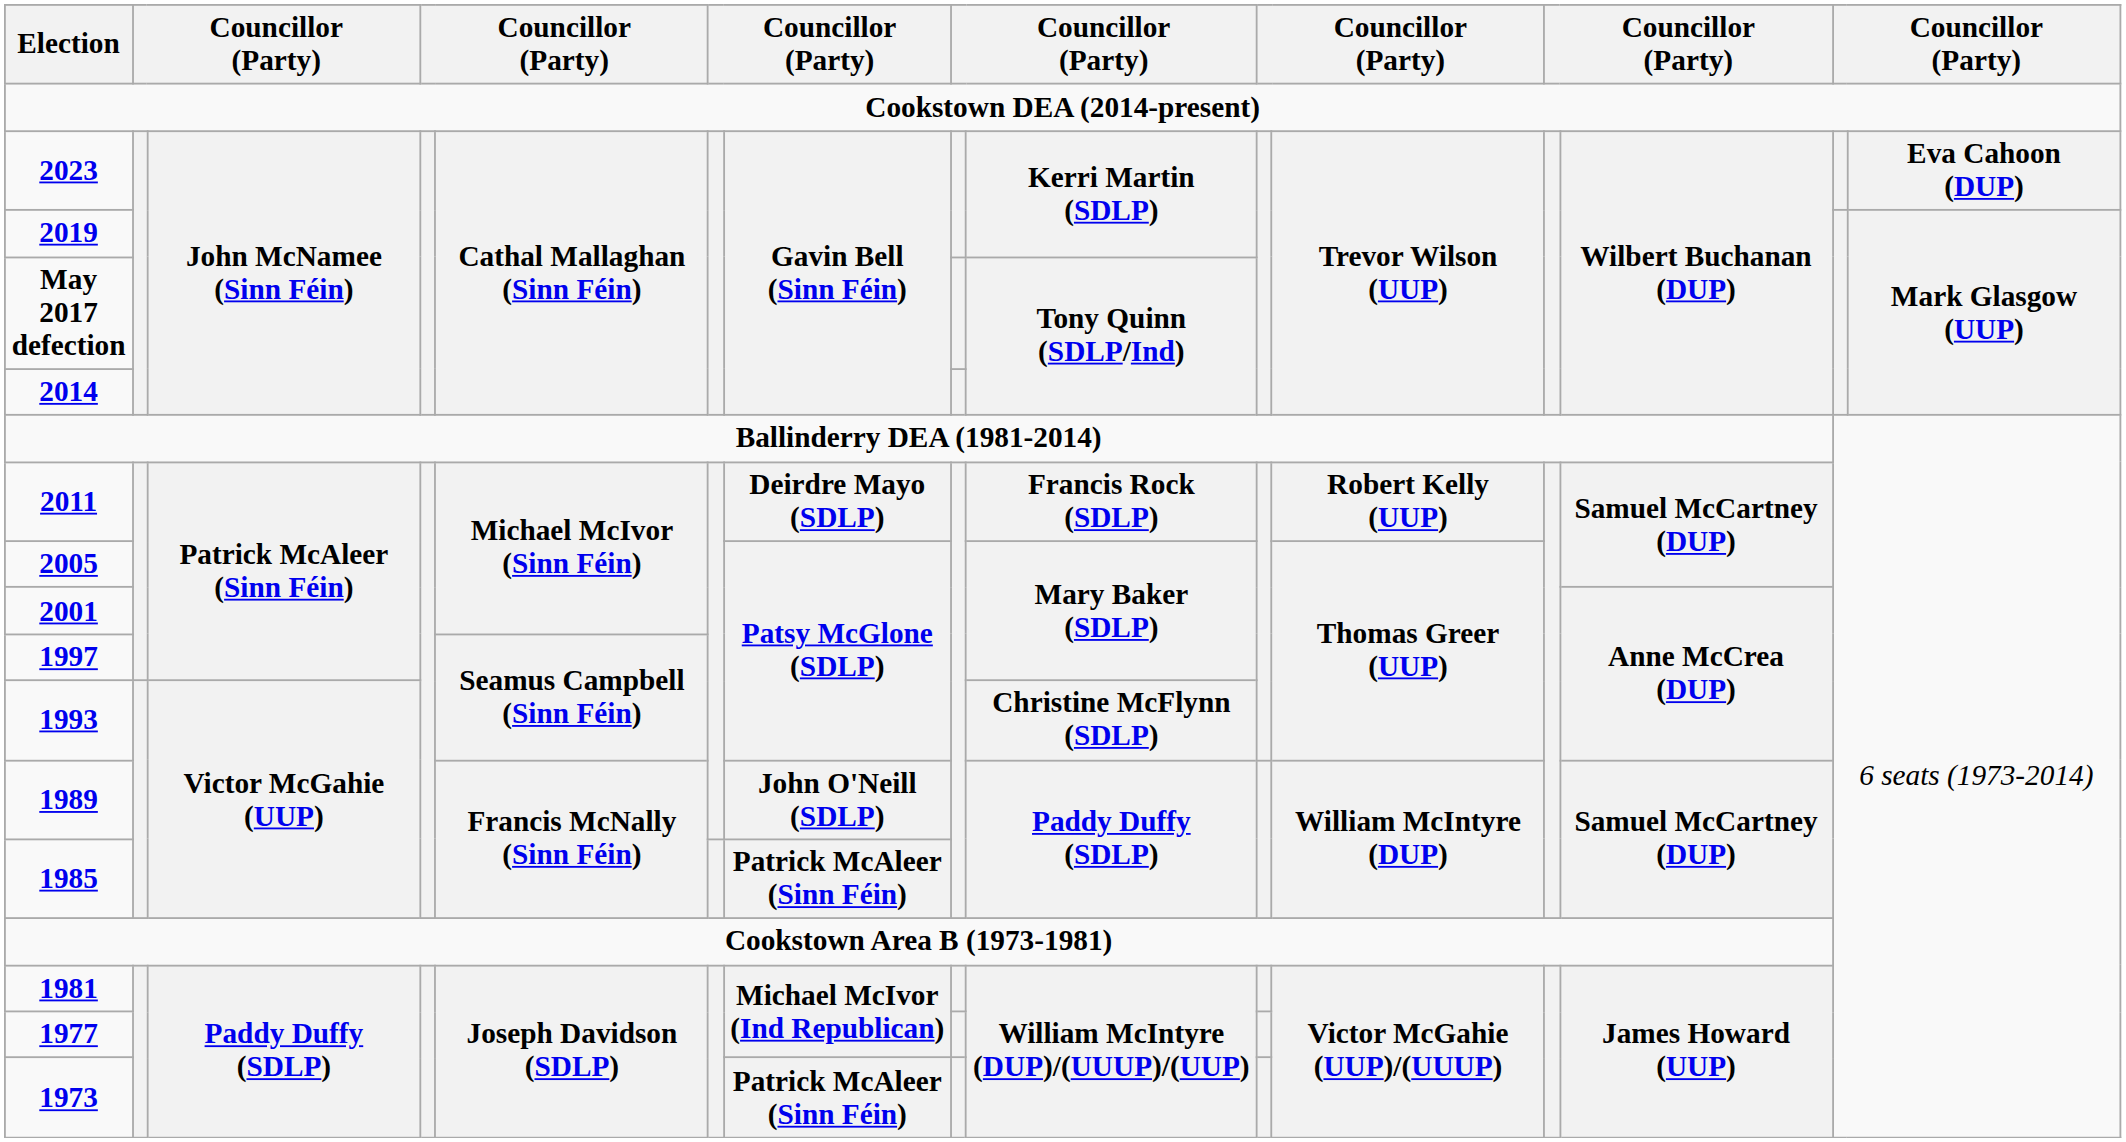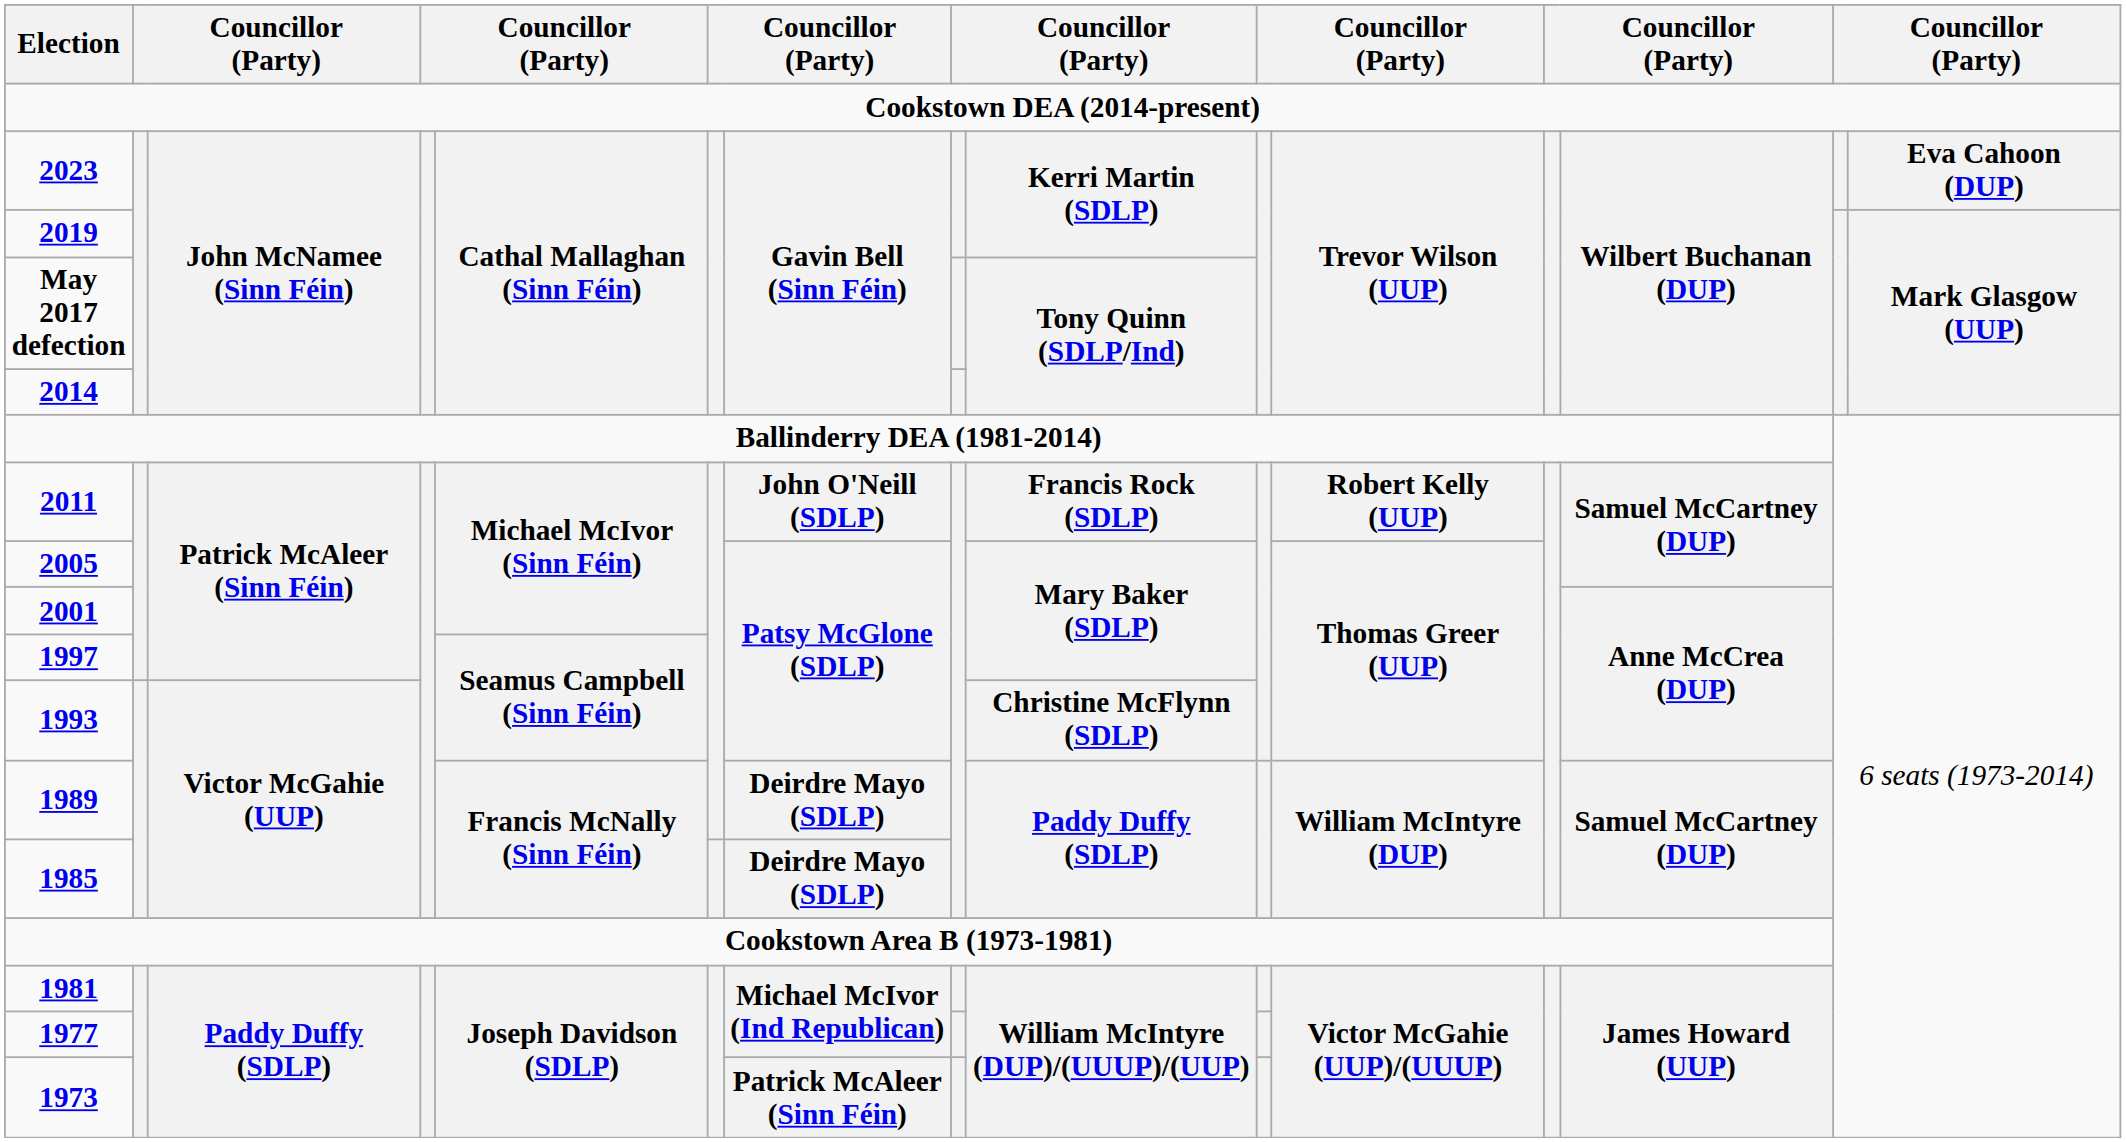 <table class="wikitable" style="text-align:center">
 <tr>
 <th width="50" scope="col">Election</th>
 <th colspan="2" width="150" scope="col">Councillor<br>(Party)</th>
 <th colspan="2" width="150" scope="col">Councillor<br>(Party)</th>
 <th colspan="2">Councillor<br>(Party)</th>
 <th colspan="2" width="150" scope="col">Councillor<br>(Party)</th>
 <th colspan="2" width="150" scope="col">Councillor<br>(Party)</th>
 <th colspan="2" width="150" scope="col">Councillor<br>(Party)</th>
 <th colspan="2" width="150" scope="col">Councillor<br>(Party)</th>
 </tr>
 <tr>
 <td colspan="15"><strong>Cookstown DEA (2014-present)</strong></td>
 </tr>
 <tr>
 <td><strong><a href='#'>2023</a></strong></td>
 <th width="1" rowspan="4" style="background-color: "></th>
 <th rowspan="4">John McNamee<br>(<a href='#'>Sinn Féin</a>)</th>
 <th width="1" rowspan="4" style="background-color: "></th>
 <th rowspan="4">Cathal Mallaghan<br>(<a href='#'>Sinn Féin</a>)</th>
 <th width="1" rowspan="4" style="background-color: "></th>
 <th rowspan="4">Gavin Bell<br>(<a href='#'>Sinn Féin</a>)</th>
 <th width="1" rowspan="2" style="background-color: "></th>
 <th rowspan="2">Kerri Martin<br>(<a href='#'>SDLP</a>)</th>
 <th width="1" rowspan="4" style="background-color: "></th>
 <th rowspan="4">Trevor Wilson<br>(<a href='#'>UUP</a>)</th>
 <th width="1" rowspan="4" style="background-color: "></th>
 <th rowspan="4">Wilbert Buchanan<br>(<a href='#'>DUP</a>)</th>
 <th width="1" rowspan="1" style="background-color: "></th>
 <th rowspan="1">Eva Cahoon<br>(<a href='#'>DUP</a>)</th>
 </tr>
 <tr>
 <td><strong><a href='#'>2019</a></strong></td>
 <th width="1" rowspan="3" style="background-color: "></th>
 <th rowspan="3">Mark Glasgow<br>(<a href='#'>UUP</a>)</th>
 </tr>
 <tr>
 <td><strong>May 2017 defection</strong></td>
 <th width="1" rowspan="1" style="background-color: "></th>
 <th rowspan="2">Tony Quinn<br>(<a href='#'>SDLP</a>/<a href='#'>Ind</a>)</th>
 </tr>
 <tr>
 <td><strong><a href='#'>2014</a></strong></td>
 <th width="1" rowspan="1" style="background-color: "></th>
 </tr>
 <tr>
 <td colspan="13"><strong>Ballinderry DEA (1981-2014)</strong></td>
 <td colspan="2" rowspan="12"><em>6 seats (1973-2014)</em></td>
 </tr>
 <tr>
 <td><strong><a href='#'>2011</a></strong></td>
 <th width="1" rowspan="4" style="background-color: "></th>
 <th rowspan="4">Patrick McAleer<br>(<a href='#'>Sinn Féin</a>)</th>
 <th width="1" rowspan="7" style="background-color: "></th>
 <th rowspan="3">Michael McIvor<br>(<a href='#'>Sinn Féin</a>)</th>
 <th width="1" rowspan="6" style="background-color: "></th>
-<th rowspan="1">Deirdre Mayo<br>(<a href='#'>SDLP</a>)</th>
+<th rowspan="1">John O'Neill<br>(<a href='#'>SDLP</a>)</th>
 <th width="1" rowspan="7" style="background-color: "></th>
 <th rowspan="1">Francis Rock<br>(<a href='#'>SDLP</a>)</th>
 <th width="1" rowspan="5" style="background-color: "></th>
 <th rowspan="1">Robert Kelly<br>(<a href='#'>UUP</a>)</th>
 <th width="1" rowspan="7" style="background-color: "></th>
 <th rowspan="2">Samuel McCartney<br>(<a href='#'>DUP</a>)</th>
 </tr>
 <tr>
 <td><strong><a href='#'>2005</a></strong></td>
 <th rowspan="4"><a href='#'>Patsy McGlone</a><br>(<a href='#'>SDLP</a>)</th>
 <th rowspan="3">Mary Baker<br>(<a href='#'>SDLP</a>)</th>
 <th rowspan="4">Thomas Greer<br>(<a href='#'>UUP</a>)</th>
 </tr>
 <tr>
 <td><strong><a href='#'>2001</a></strong></td>
 <th rowspan="3">Anne McCrea<br>(<a href='#'>DUP</a>)</th>
 </tr>
 <tr>
 <td><strong><a href='#'>1997</a></strong></td>
 <th rowspan="2">Seamus Campbell<br>(<a href='#'>Sinn Féin</a>)</th>
 </tr>
 <tr>
 <td><strong><a href='#'>1993</a></strong></td>
 <th width="1" rowspan="3" style="background-color: "></th>
 <th rowspan="3">Victor McGahie<br>(<a href='#'>UUP</a>)</th>
 <th rowspan="1">Christine McFlynn<br>(<a href='#'>SDLP</a>)</th>
 </tr>
 <tr>
 <td><strong><a href='#'>1989</a></strong></td>
 <th rowspan="2">Francis McNally<br>(<a href='#'>Sinn Féin</a>)</th>
-<th rowspan="1">John O'Neill<br>(<a href='#'>SDLP</a>)</th>
+<th rowspan="1">Deirdre Mayo<br>(<a href='#'>SDLP</a>)</th>
 <th rowspan="2"><a href='#'>Paddy Duffy</a><br>(<a href='#'>SDLP</a>)</th>
 <th width="1" rowspan="2" style="background-color: "></th>
 <th rowspan="2">William McIntyre<br>(<a href='#'>DUP</a>)</th>
 <th rowspan="2">Samuel McCartney<br>(<a href='#'>DUP</a>)</th>
 </tr>
 <tr>
 <td><strong><a href='#'>1985</a></strong></td>
 <th width="1" rowspan="1" style="background-color: "></th>
-<th rowspan="1">Patrick McAleer<br>(<a href='#'>Sinn Féin</a>)</th>
+<th rowspan="1">Deirdre Mayo<br>(<a href='#'>SDLP</a>)</th>
 </tr>
 <tr>
 <td colspan="13"><strong>Cookstown Area B (1973-1981)</strong></td>
 </tr>
 <tr>
 <td><strong><a href='#'>1981</a></strong></td>
 <th width="1" rowspan="3" style="background-color: "></th>
 <th rowspan="3"><a href='#'>Paddy Duffy</a><br>(<a href='#'>SDLP</a>)</th>
 <th width="1" rowspan="3" style="background-color: "></th>
 <th rowspan="3">Joseph Davidson<br>(<a href='#'>SDLP</a>)</th>
 <th width="1" rowspan="3" style="background-color: "></th>
 <th rowspan="2">Michael McIvor<br>(<a href='#'>Ind Republican</a>)</th>
 <th width="1" rowspan="1" style="background-color: "></th>
 <th rowspan="3">William McIntyre<br>(<a href='#'>DUP</a>)/(<a href='#'>UUUP</a>)/(<a href='#'>UUP</a>)</th>
 <th width="1" rowspan="1" style="background-color: "></th>
 <th rowspan="3">Victor McGahie<br>(<a href='#'>UUP</a>)/(<a href='#'>UUUP</a>)</th>
 <th width="1" rowspan="3" style="background-color: "></th>
 <th rowspan="3">James Howard<br>(<a href='#'>UUP</a>)</th>
 </tr>
 <tr>
 <td><strong><a href='#'>1977</a></strong></td>
 <th width="1" rowspan="1" style="background-color: "></th>
 <th width="1" rowspan="1" style="background-color: "></th>
 </tr>
 <tr>
 <td><strong><a href='#'>1973</a></strong></td>
 <th rowspan="1">Patrick McAleer<br>(<a href='#'>Sinn Féin</a>)</th>
 <th width="1" rowspan="1" style="background-color: "></th>
 <th width="1" rowspan="1" style="background-color: "></th>
 </tr>
 </table>
